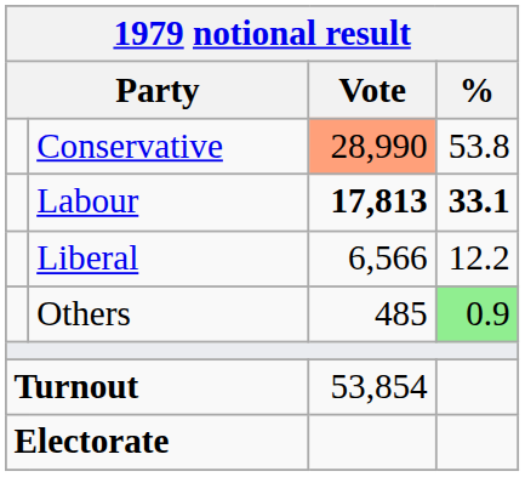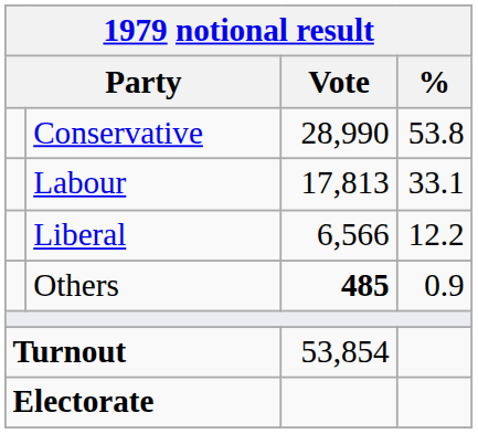 <table class="wikitable">
 <tr>
 <th colspan="4"><a href='#'>1979</a> <a href='#'>notional result</a></th>
 </tr>
 <tr>
 <th bgcolor="#DDDDFF" width="130px" colspan="2">Party</th>
 <th bgcolor="#DDDDFF" width="50px">Vote</th>
 <th bgcolor="#DDDDFF" width="30px">%</th>
 </tr>
 <tr>
 <td></td>
 <td><a href='#'>Conservative</a></td>
-<td align=right style="background: lightsalmon;">28,990</td>
+<td align=right>28,990</td>
 <td align=right>53.8</td>
 </tr>
 <tr>
 <td></td>
 <td><a href='#'>Labour</a></td>
-<td align=right><strong>17,813</strong></td>
-<td align=right><strong>33.1</strong></td>
+<td align=right>17,813</td>
+<td align=right>33.1</td>
 </tr>
 <tr>
 <td></td>
 <td><a href='#'>Liberal</a></td>
 <td align=right>6,566</td>
 <td align=right>12.2</td>
 </tr>
 <tr>
 <td></td>
 <td>Others</td>
-<td align=right>485</td>
-<td align=right style="background: lightgreen;">0.9</td>
+<td align=right><strong>485</strong></td>
+<td align=right>0.9</td>
 </tr>
 <tr>
 <td colspan="4" bgcolor="#EAECF0"></td>
 </tr>
 <tr>
 <td colspan="2"><strong>Turnout</strong></td>
 <td align=right>53,854</td>
 <td align=right></td>
 </tr>
 <tr>
 <td colspan="2"><strong>Electorate</strong></td>
 <td align=right></td>
 </tr>
 </table>
